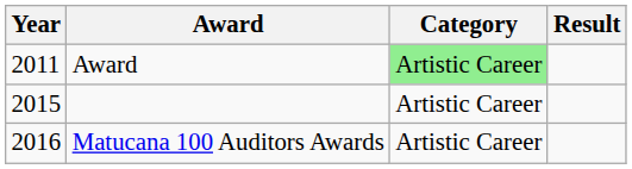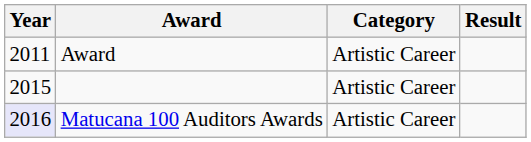 <table class=wikitable>
 <tr>
 <th>Year</th>
 <th>Award</th>
 <th>Category</th>
 <th>Result</th>
 </tr>
 <tr>
 <td>2011</td>
 <td> Award</td>
-<td style="background: lightgreen;">Artistic Career</td>
+<td>Artistic Career</td>
 <td></td>
 </tr>
 <tr>
 <td>2015</td>
 <td></td>
 <td>Artistic Career</td>
 <td></td>
 </tr>
 <tr>
-<td>2016</td>
+<td style="background: lavender;">2016</td>
 <td><a href='#'>Matucana 100</a> Auditors Awards</td>
 <td>Artistic Career</td>
 <td></td>
 </tr>
 </table>
